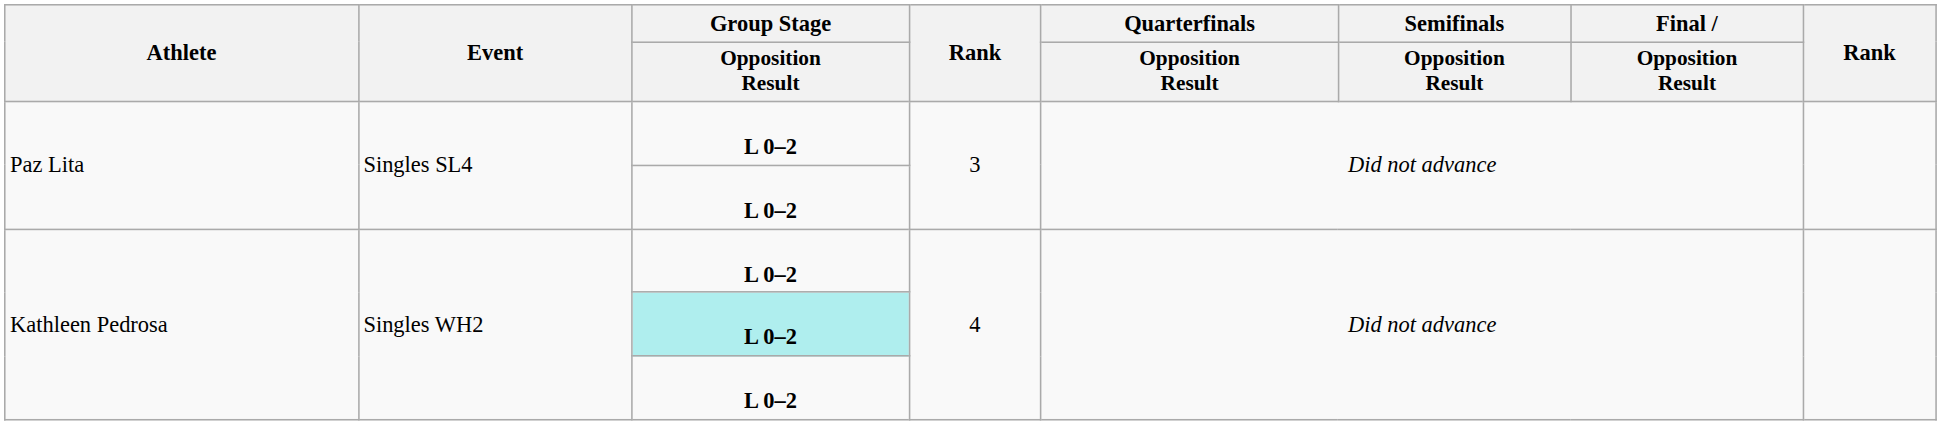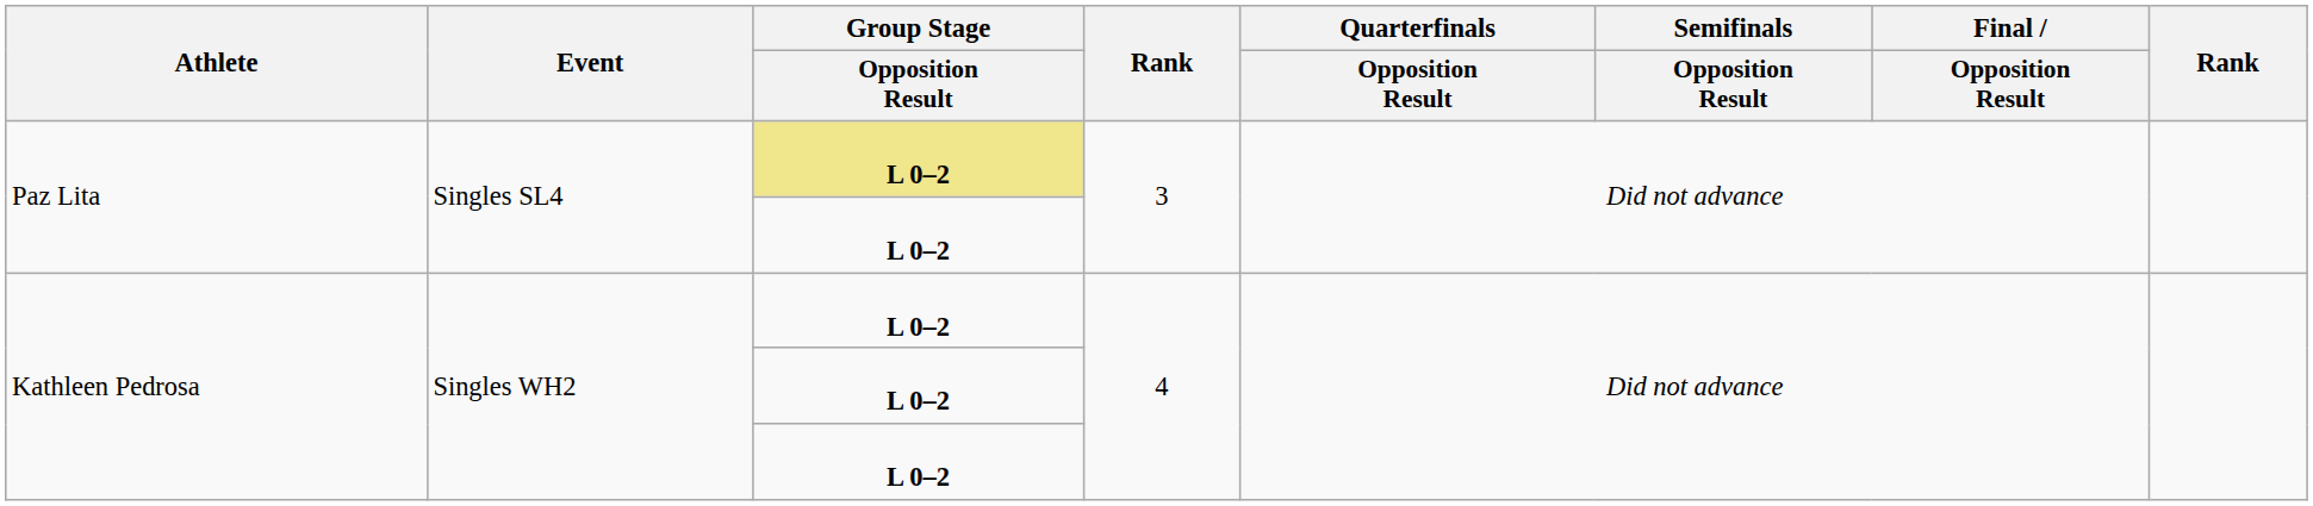 <table class="wikitable" width="98%" style="text-align:left; font-size:90%">
 <tr>
 <th rowspan="2">Athlete</th>
 <th rowspan="2">Event</th>
 <th>Group Stage</th>
 <th rowspan="2">Rank</th>
 <th>Quarterfinals</th>
 <th>Semifinals</th>
 <th>Final / </th>
 <th rowspan=2>Rank</th>
 </tr>
 <tr style="font-size:95%">
 <th>Opposition<br>Result</th>
 <th>Opposition<br>Result</th>
 <th>Opposition<br>Result</th>
 <th>Opposition<br>Result</th>
 </tr>
 <tr>
 <td rowspan=2>Paz Lita</td>
 <td rowspan=2>Singles SL4</td>
-<td align=center><br><strong>L 0–2</strong></td>
+<td align=center style="background: khaki;"><br><strong>L 0–2</strong></td>
 <td rowspan=2 align=center>3</td>
 <td rowspan=2 align=center colspan=3><em>Did not advance</em></td>
 <td rowspan=2></td>
 </tr>
 <tr>
 <td align=center><br><strong>L 0–2</strong></td>
 </tr>
 <tr>
 <td rowspan=3>Kathleen Pedrosa</td>
 <td rowspan=3>Singles WH2</td>
 <td align=center><br><strong>L 0–2</strong></td>
 <td rowspan=3 align=center>4</td>
 <td rowspan=3 align=center colspan=3><em>Did not advance</em></td>
 <td rowspan=3></td>
 </tr>
 <tr>
-<td align=center style="background: paleturquoise;"><br><strong>L 0–2</strong></td>
+<td align=center><br><strong>L 0–2</strong></td>
 </tr>
 <tr>
 <td align=center><br><strong>L 0–2</strong></td>
 </tr>
 </table>
